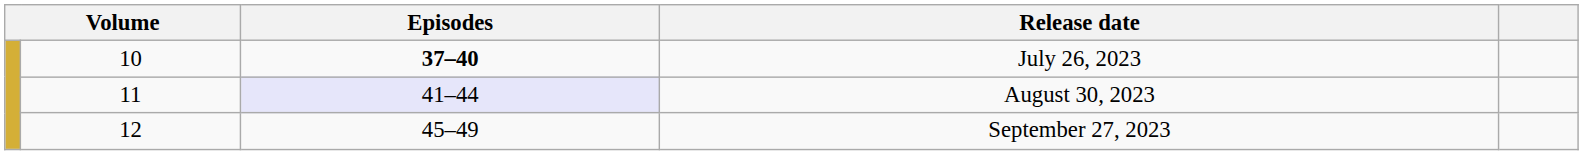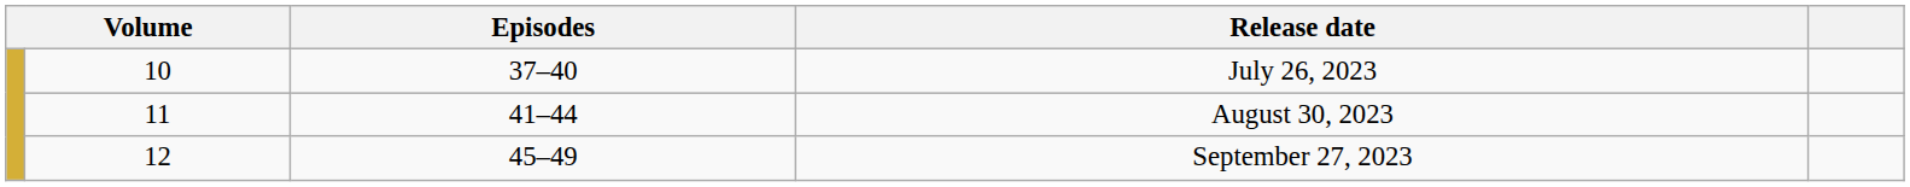 <table class="wikitable" style="text-align: center; width: 70%;">
 <tr>
 <th colspan="2" width="15%">Volume</th>
 <th>Episodes</th>
 <th>Release date</th>
 <th width="5%"></th>
 </tr>
 <tr>
 <td rowspan="4" width="1%" style="background: #D4AF37"></td>
 <td>10</td>
-<td><strong>37–40</strong></td>
+<td>37–40</td>
 <td>July 26, 2023</td>
 <td></td>
 </tr>
 <tr>
 <td>11</td>
-<td style="background: lavender;">41–44</td>
+<td>41–44</td>
 <td>August 30, 2023</td>
 <td></td>
 </tr>
 <tr>
 <td>12</td>
 <td>45–49</td>
 <td>September 27, 2023</td>
 <td></td>
 </tr>
 </table>
